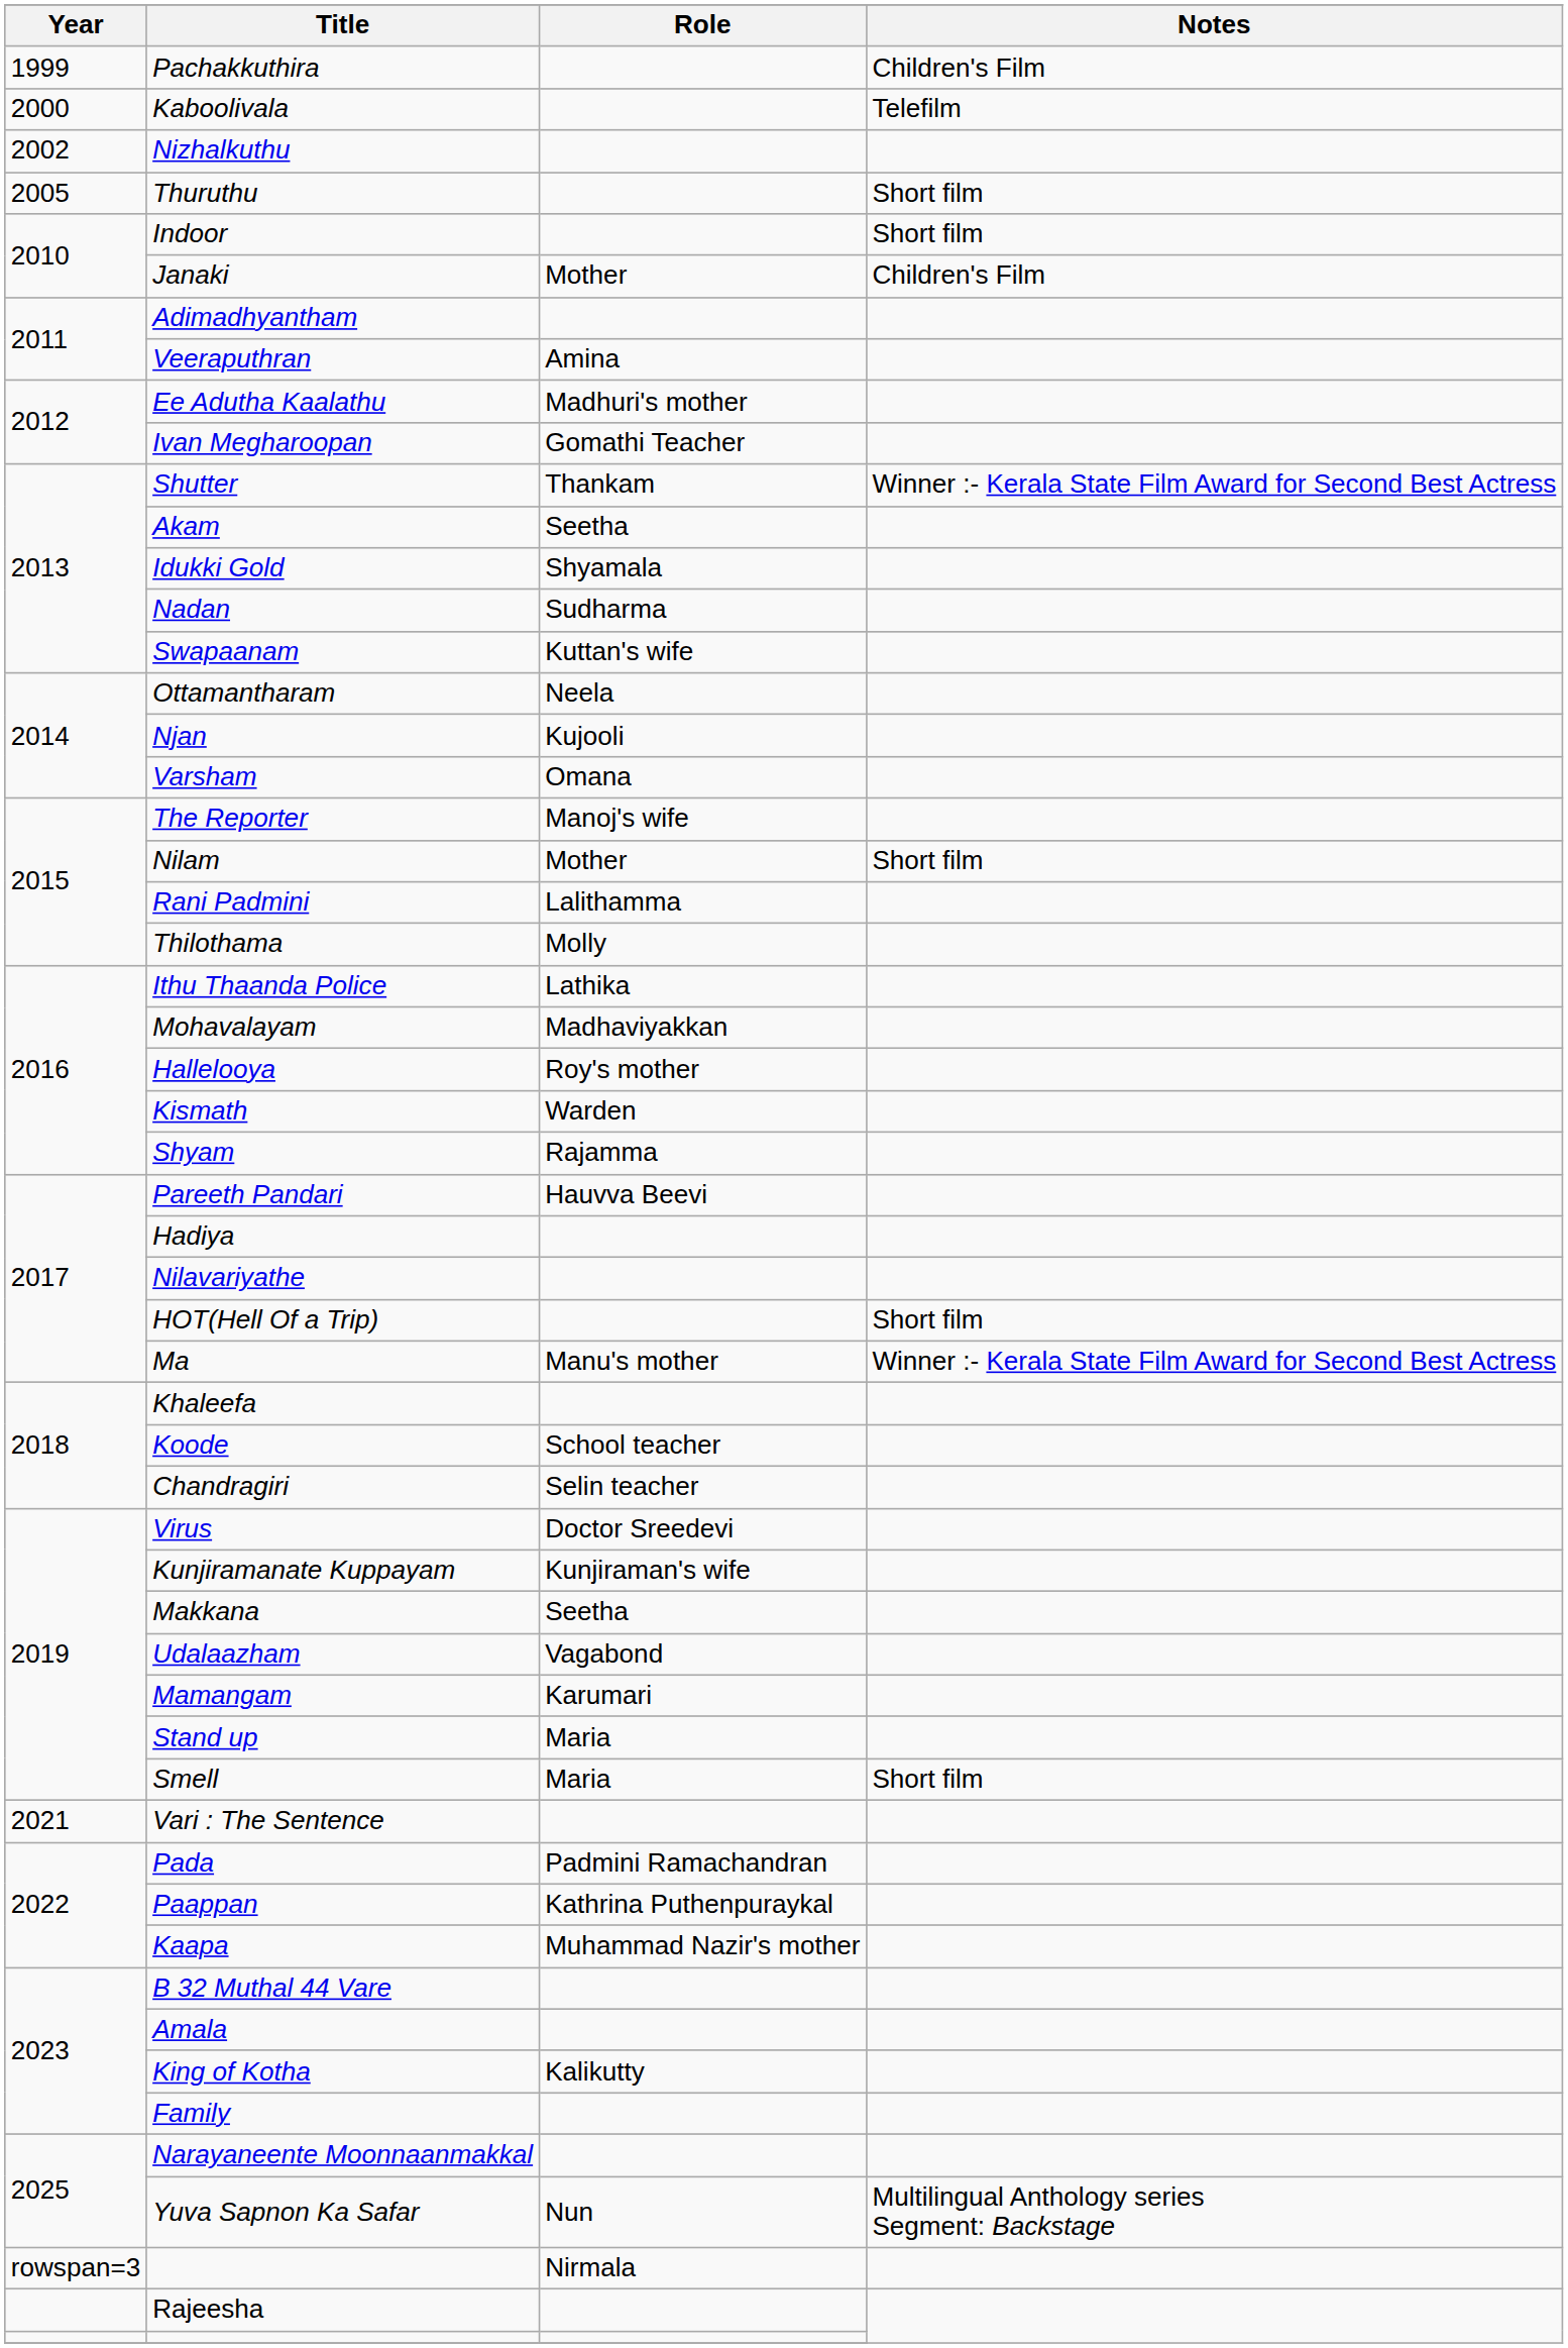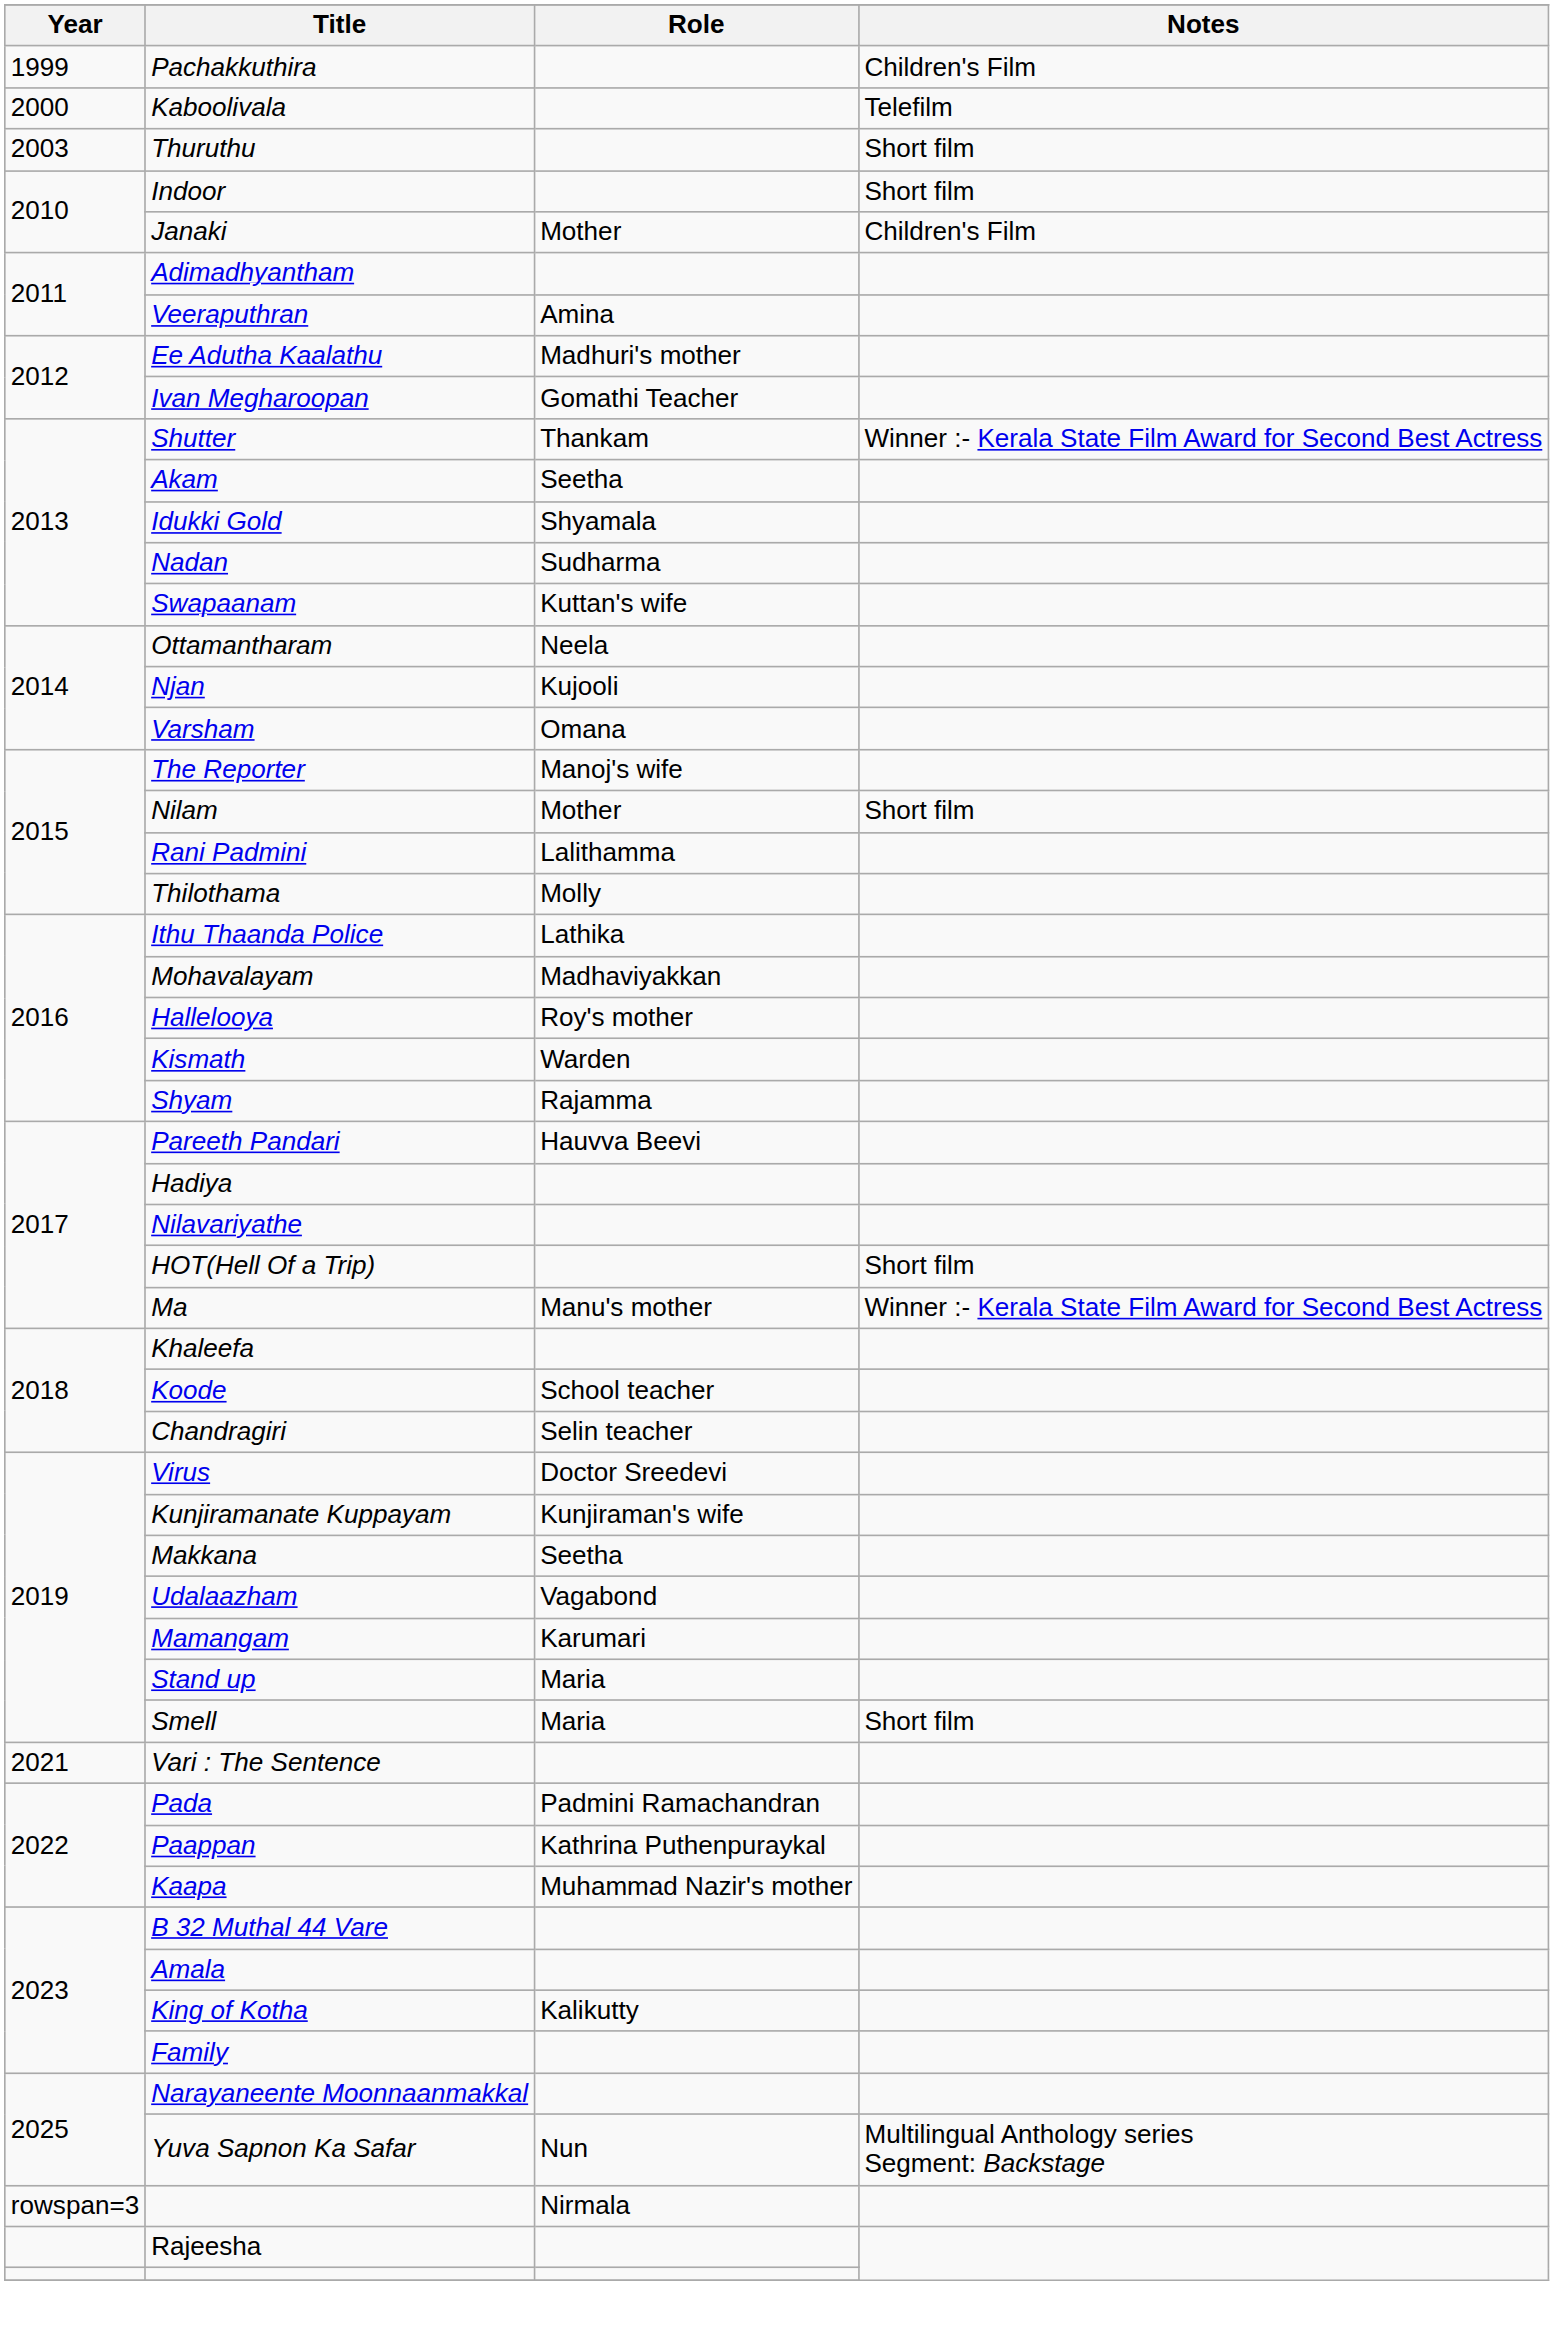 <table class="wikitable sortable">
 <tr style="background:#ccc; text-align:center;">
 </tr>
 <tr>
 <th>Year</th>
 <th>Title</th>
 <th>Role</th>
 <th class="unsortable">Notes</th>
 </tr>
 <tr>
 <td>1999</td>
 <td><em>Pachakkuthira</em></td>
 <td></td>
 <td>Children's Film</td>
 </tr>
 <tr>
 <td>2000</td>
 <td><em>Kaboolivala</em></td>
 <td></td>
 <td>Telefilm</td>
 </tr>
 <tr>
-<td>2002</td>
-<td><em><a href='#'>Nizhalkuthu</a></em></td>
-<td></td>
-<td></td>
-</tr>
-<tr>
-<td>2005</td>
+<td>2003</td>
 <td><em>Thuruthu</em></td>
 <td></td>
 <td>Short film</td>
 </tr>
 <tr>
 <td rowspan=2>2010</td>
 <td><em>Indoor</em></td>
 <td></td>
 <td>Short film</td>
 </tr>
 <tr>
 <td><em>Janaki</em></td>
 <td>Mother</td>
 <td>Children's Film</td>
 </tr>
 <tr>
 <td rowspan=2>2011</td>
 <td><em><a href='#'>Adimadhyantham</a></em></td>
 <td></td>
 <td></td>
 </tr>
 <tr>
 <td><em><a href='#'>Veeraputhran</a></em></td>
 <td>Amina</td>
 <td></td>
 </tr>
 <tr>
 <td rowspan=2>2012</td>
 <td><em><a href='#'>Ee Adutha Kaalathu</a></em></td>
 <td>Madhuri's mother</td>
 <td></td>
 </tr>
 <tr>
 <td><em><a href='#'>Ivan Megharoopan</a></em></td>
 <td>Gomathi Teacher</td>
 <td></td>
 </tr>
 <tr>
 <td rowspan=5>2013</td>
 <td><em><a href='#'>Shutter</a></em></td>
 <td>Thankam</td>
 <td>Winner :- <a href='#'>Kerala State Film Award for Second Best Actress</a></td>
 </tr>
 <tr>
 <td><em><a href='#'>Akam</a></em></td>
 <td>Seetha</td>
 <td></td>
 </tr>
 <tr>
 <td><em><a href='#'>Idukki Gold</a></em></td>
 <td>Shyamala</td>
 <td></td>
 </tr>
 <tr>
 <td><em><a href='#'>Nadan</a></em></td>
 <td>Sudharma</td>
 <td></td>
 </tr>
 <tr>
 <td><em><a href='#'>Swapaanam</a></em></td>
 <td>Kuttan's wife</td>
 <td></td>
 </tr>
 <tr>
 <td rowspan=3>2014</td>
 <td><em>Ottamantharam</em></td>
 <td>Neela</td>
 <td></td>
 </tr>
 <tr>
 <td><em><a href='#'>Njan</a></em></td>
 <td>Kujooli</td>
 <td></td>
 </tr>
 <tr>
 <td><em><a href='#'>Varsham</a></em></td>
 <td>Omana</td>
 <td></td>
 </tr>
 <tr>
 <td rowspan=4>2015</td>
 <td><em><a href='#'>The Reporter</a></em></td>
 <td>Manoj's wife</td>
 <td></td>
 </tr>
 <tr>
 <td><em>Nilam</em></td>
 <td>Mother</td>
 <td>Short film</td>
 </tr>
 <tr>
 <td><em><a href='#'>Rani Padmini</a></em></td>
 <td>Lalithamma</td>
 <td></td>
 </tr>
 <tr>
 <td><em>Thilothama</em></td>
 <td>Molly</td>
 <td></td>
 </tr>
 <tr>
 <td rowspan=5>2016</td>
 <td><em><a href='#'>Ithu Thaanda Police</a></em></td>
 <td>Lathika</td>
 <td></td>
 </tr>
 <tr>
 <td><em>Mohavalayam</em></td>
 <td>Madhaviyakkan</td>
 <td></td>
 </tr>
 <tr>
 <td><em><a href='#'>Hallelooya</a></em></td>
 <td>Roy's mother</td>
 <td></td>
 </tr>
 <tr>
 <td><em><a href='#'>Kismath</a></em></td>
 <td>Warden</td>
 <td></td>
 </tr>
 <tr>
 <td><em><a href='#'>Shyam</a></em></td>
 <td>Rajamma</td>
 <td></td>
 </tr>
 <tr>
 <td rowspan=5>2017</td>
 <td><em><a href='#'>Pareeth Pandari</a></em></td>
 <td>Hauvva Beevi</td>
 <td></td>
 </tr>
 <tr>
 <td><em>Hadiya</em></td>
 <td></td>
 <td></td>
 </tr>
 <tr>
 <td><em><a href='#'>Nilavariyathe</a></em></td>
 <td></td>
 <td></td>
 </tr>
 <tr>
 <td><em>HOT(Hell Of a Trip)</em></td>
 <td></td>
 <td>Short film</td>
 </tr>
 <tr>
 <td><em>Ma</em></td>
 <td>Manu's mother</td>
 <td>Winner :- <a href='#'>Kerala State Film Award for Second Best Actress</a></td>
 </tr>
 <tr>
 <td rowspan=3>2018</td>
 <td><em>Khaleefa</em></td>
 <td></td>
 <td></td>
 </tr>
 <tr>
 <td><em><a href='#'>Koode</a></em></td>
 <td>School teacher</td>
 <td></td>
 </tr>
 <tr>
 <td><em>Chandragiri</em></td>
 <td>Selin teacher</td>
 <td></td>
 </tr>
 <tr>
 <td rowspan=7>2019</td>
 <td><em><a href='#'>Virus</a></em></td>
 <td>Doctor Sreedevi</td>
 <td></td>
 </tr>
 <tr>
 <td><em>Kunjiramanate Kuppayam</em></td>
 <td>Kunjiraman's wife</td>
 <td></td>
 </tr>
 <tr>
 <td><em>Makkana</em></td>
 <td>Seetha</td>
 <td></td>
 </tr>
 <tr>
 <td><em><a href='#'>Udalaazham</a></em></td>
 <td>Vagabond</td>
 <td></td>
 </tr>
 <tr>
 <td><em><a href='#'>Mamangam</a></em></td>
 <td>Karumari</td>
 <td></td>
 </tr>
 <tr>
 <td><em><a href='#'>Stand up</a></em></td>
 <td>Maria</td>
 <td></td>
 </tr>
 <tr>
 <td><em>Smell</em></td>
 <td>Maria</td>
 <td>Short film</td>
 </tr>
 <tr>
 <td>2021</td>
 <td><em>Vari : The Sentence</em></td>
 <td></td>
 <td></td>
 </tr>
 <tr>
 <td rowspan=3>2022</td>
 <td><em><a href='#'>Pada</a></em></td>
 <td>Padmini Ramachandran</td>
 <td></td>
 </tr>
 <tr>
 <td><em><a href='#'>Paappan</a></em></td>
 <td>Kathrina Puthenpuraykal</td>
 <td></td>
 </tr>
 <tr>
 <td><em><a href='#'>Kaapa</a></em></td>
 <td>Muhammad Nazir's mother</td>
 <td></td>
 </tr>
 <tr>
 <td rowspan=4>2023</td>
 <td><em><a href='#'>B 32 Muthal 44 Vare</a></em></td>
 <td></td>
 <td></td>
 </tr>
 <tr>
 <td><em><a href='#'>Amala</a></em></td>
 <td></td>
 <td></td>
 </tr>
 <tr>
 <td><em><a href='#'>King of Kotha</a></em></td>
 <td>Kalikutty</td>
 <td></td>
 </tr>
 <tr>
 <td><em><a href='#'>Family</a></em></td>
 <td></td>
 <td></td>
 </tr>
 <tr>
 <td rowspan=2>2025</td>
 <td><em><a href='#'>Narayaneente Moonnaanmakkal</a></em></td>
 <td></td>
 <td></td>
 </tr>
 <tr>
 <td><em>Yuva Sapnon Ka Safar</em></td>
 <td>Nun</td>
 <td>Multilingual Anthology series<br>Segment: <em>Backstage</em></td>
 </tr>
 <tr>
 <td>rowspan=3 </td>
 <td></td>
 <td>Nirmala</td>
 <td></td>
 </tr>
 <tr>
 <td></td>
 <td>Rajeesha</td>
 <td></td>
 </tr>
 <tr>
 <td></td>
 <td></td>
 <td></td>
 </tr>
 <tr>
 </tr>
 </table>
